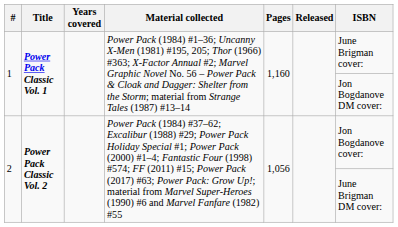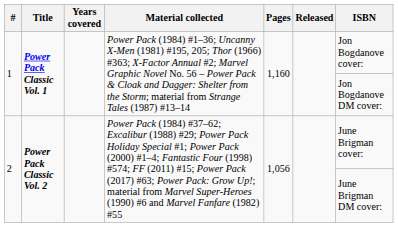 <table class="wikitable sortable" width="99%">
 <tr>
 <th class="unsortable" width="20px">#</th>
 <th>Title</th>
 <th>Years covered</th>
 <th class="unsortable">Material collected</th>
 <th>Pages</th>
 <th>Released</th>
 <th class="unsortable">ISBN</th>
 </tr>
 <tr>
 <td rowspan="2">1</td>
 <td rowspan="2"><strong><em><a href='#'>Power Pack</a> Classic Vol. 1</em></strong></td>
 <td rowspan="2"></td>
 <td rowspan="2"><em>Power Pack</em> (1984) #1–36; <em>Uncanny X-Men</em> (1981) #195, 205; <em>Thor</em> (1966) #363; <em>X-Factor Annual</em> #2; <em>Marvel Graphic Novel</em> No. 56 – <em>Power Pack & Cloak and Dagger: Shelter from the Storm</em>; material from <em>Strange Tales</em> (1987) #13–14</td>
 <td rowspan="2" style="text-align: center;">1,160</td>
 <td rowspan="2"></td>
-<td>June Brigman cover: </td>
+<td>Jon Bogdanove cover: </td>
 </tr>
 <tr>
 <td>Jon Bogdanove DM cover: </td>
 </tr>
 <tr>
 <td rowspan="2">2</td>
 <td rowspan="2"><strong><em>Power Pack Classic Vol. 2</em></strong></td>
 <td rowspan="2"></td>
 <td rowspan="2"><em>Power Pack</em> (1984) #37–62; <em>Excalibur</em> (1988) #29; <em>Power Pack Holiday Special</em> #1; <em>Power Pack</em> (2000) #1–4; <em>Fantastic Four</em> (1998) #574; <em>FF</em> (2011) #15; <em>Power Pack</em> (2017) #63; <em>Power Pack: Grow Up!</em>; material from <em>Marvel Super-Heroes</em> (1990) #6 and <em>Marvel Fanfare</em> (1982) #55</td>
 <td rowspan="2" style="text-align: center;">1,056</td>
 <td rowspan="2"></td>
-<td>Jon Bogdanove cover: </td>
+<td>June Brigman cover: </td>
 </tr>
 <tr>
 <td>June Brigman DM cover: </td>
 </tr>
 </table>
